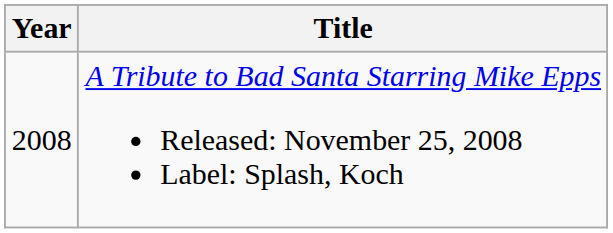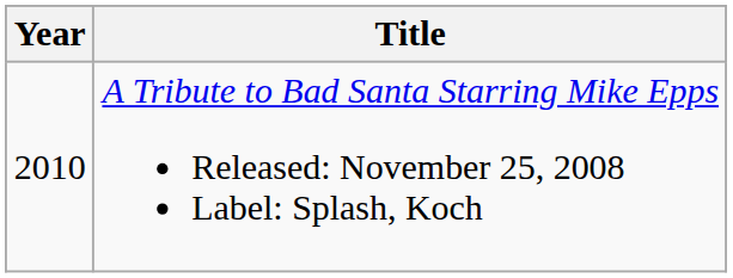 <table class="wikitable">
 <tr>
 <th>Year</th>
 <th>Title</th>
 </tr>
 <tr>
-<td>2008</td>
+<td>2010</td>
 <td><em><a href='#'>A Tribute to Bad Santa Starring Mike Epps</a></em><br><ul><li>Released: November 25, 2008</li><li>Label: Splash, Koch</li></ul></td>
 </tr>
 </table>
